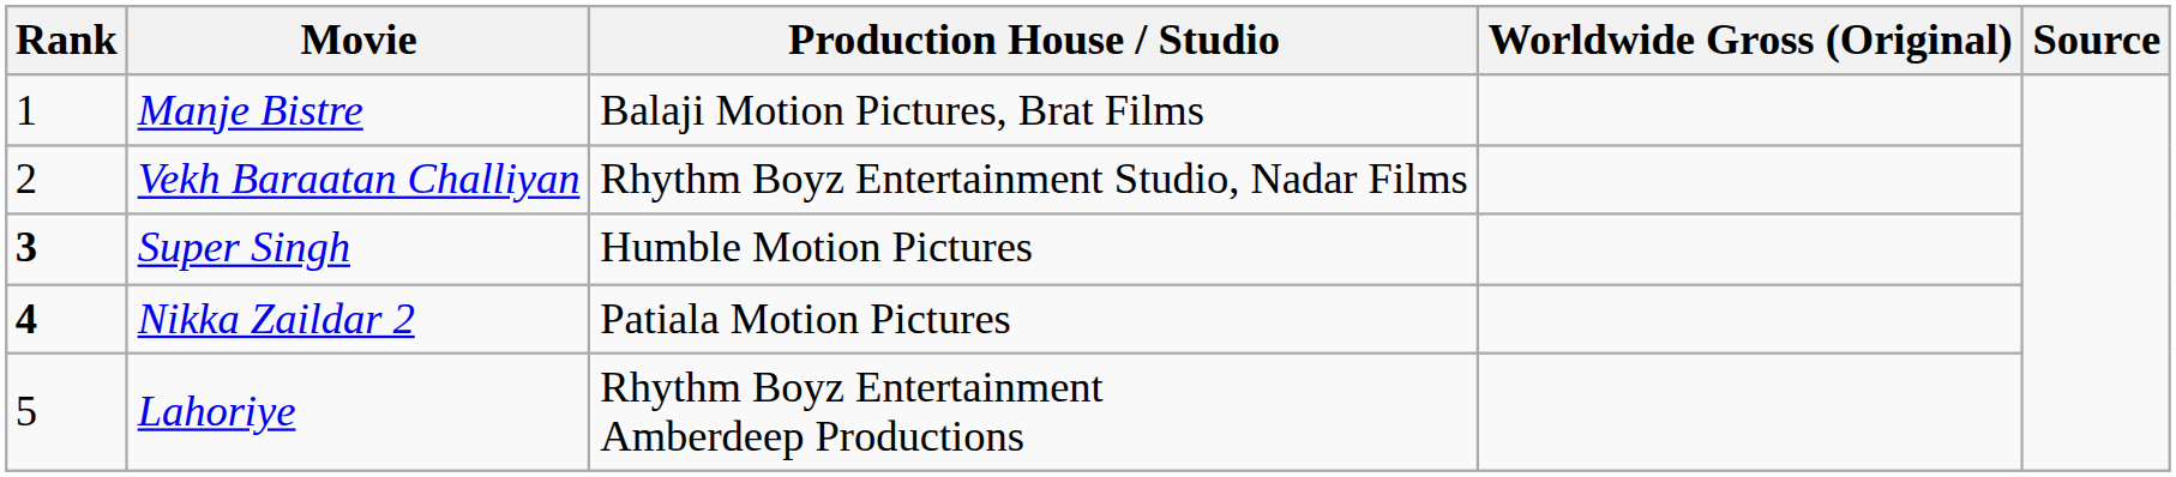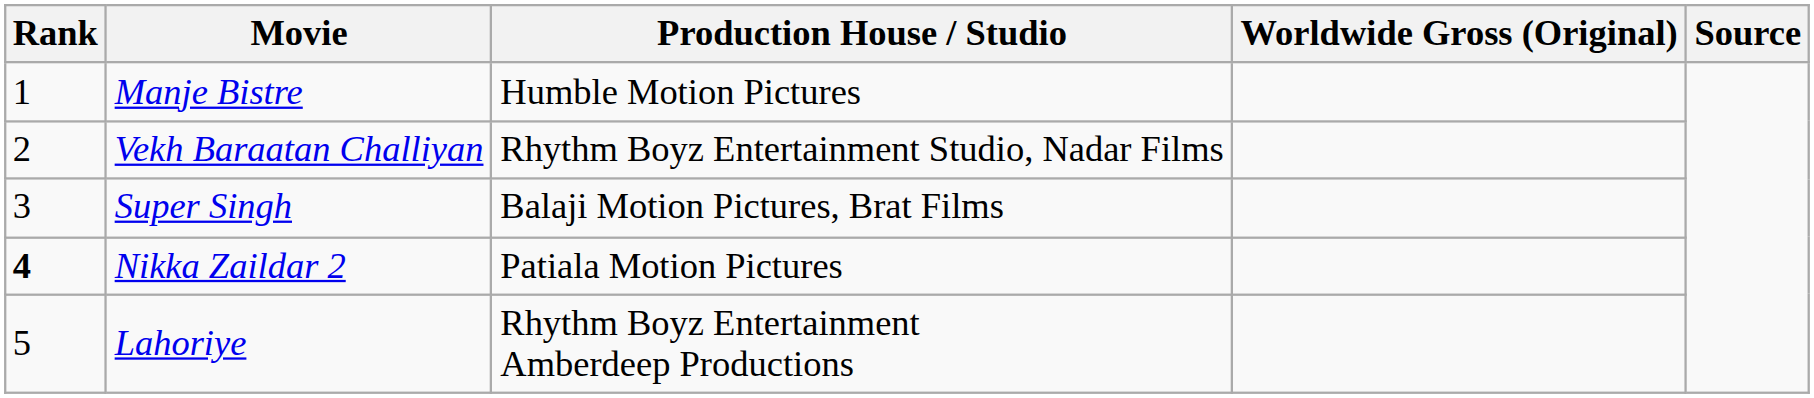 <table class="wikitable sortable" style="margin:auto; margin:auto;">
 <tr>
 <th>Rank</th>
 <th>Movie</th>
 <th>Production House / Studio</th>
 <th>Worldwide Gross (Original)</th>
 <th>Source</th>
 </tr>
 <tr>
 <td>1</td>
 <td><em><a href='#'>Manje Bistre</a></em></td>
-<td>Balaji Motion Pictures, Brat Films</td>
+<td>Humble Motion Pictures</td>
 <td></td>
 </tr>
 <tr>
 <td>2</td>
 <td><em><a href='#'>Vekh Baraatan Challiyan</a></em></td>
 <td>Rhythm Boyz Entertainment Studio, Nadar Films</td>
 <td></td>
 </tr>
 <tr>
-<td><strong>3</strong></td>
+<td>3</td>
 <td><em><a href='#'>Super Singh</a></em></td>
-<td>Humble Motion Pictures</td>
+<td>Balaji Motion Pictures, Brat Films</td>
 <td></td>
 </tr>
 <tr>
 <td><strong>4</strong></td>
 <td><em><a href='#'>Nikka Zaildar 2</a></em></td>
 <td>Patiala Motion Pictures</td>
 <td></td>
 </tr>
 <tr>
 <td>5</td>
 <td><em><a href='#'>Lahoriye</a></em></td>
 <td>Rhythm Boyz Entertainment<br>Amberdeep Productions</td>
 <td></td>
 </tr>
 </table>
